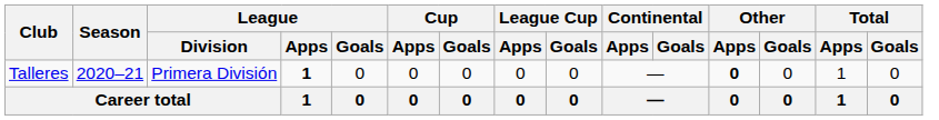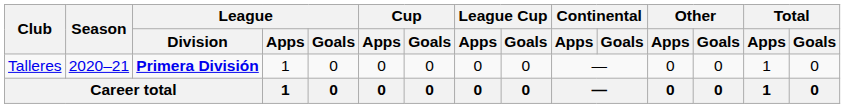 <table class="wikitable" style="text-align:center">
 <tr>
 <th rowspan="2">Club</th>
 <th rowspan="2">Season</th>
 <th colspan="3">League</th>
 <th colspan="2">Cup</th>
 <th colspan="2">League Cup</th>
 <th colspan="2">Continental</th>
 <th colspan="2">Other</th>
 <th colspan="2">Total</th>
 </tr>
 <tr>
 <th>Division</th>
 <th>Apps</th>
 <th>Goals</th>
 <th>Apps</th>
 <th>Goals</th>
 <th>Apps</th>
 <th>Goals</th>
 <th>Apps</th>
 <th>Goals</th>
 <th>Apps</th>
 <th>Goals</th>
 <th>Apps</th>
 <th>Goals</th>
 </tr>
 <tr>
 <td rowspan="1"><a href='#'>Talleres</a></td>
 <td><a href='#'>2020–21</a></td>
-<td rowspan="1"><a href='#'>Primera División</a></td>
-<td><strong>1</strong></td>
+<td rowspan="1"><strong><a href='#'>Primera División</a></strong></td>
+<td>1</td>
 <td>0</td>
 <td>0</td>
 <td>0</td>
 <td>0</td>
 <td>0</td>
 <td colspan="2">—</td>
-<td><strong>0</strong></td>
+<td>0</td>
 <td>0</td>
 <td>1</td>
 <td>0</td>
 </tr>
 <tr>
 <th colspan="3">Career total</th>
 <th>1</th>
 <th>0</th>
 <th>0</th>
 <th>0</th>
 <th>0</th>
 <th>0</th>
 <th colspan="2">—</th>
 <th>0</th>
 <th>0</th>
 <th>1</th>
 <th>0</th>
 </tr>
 </table>
